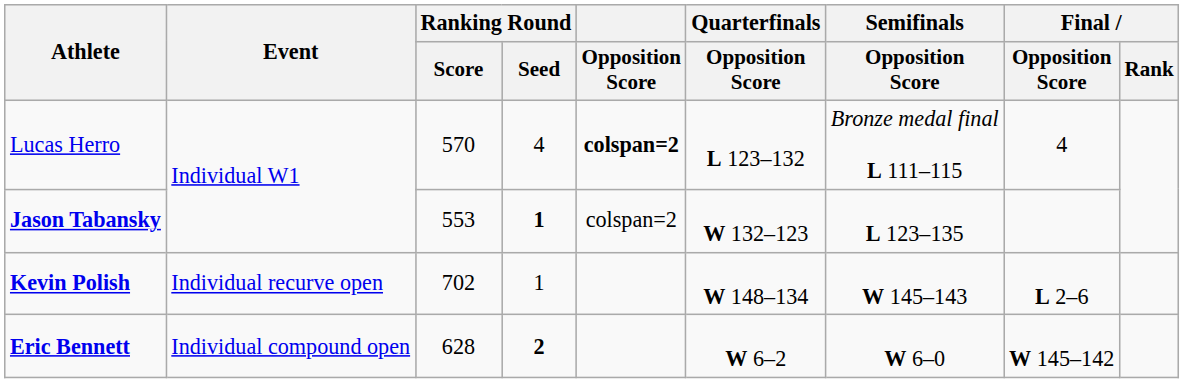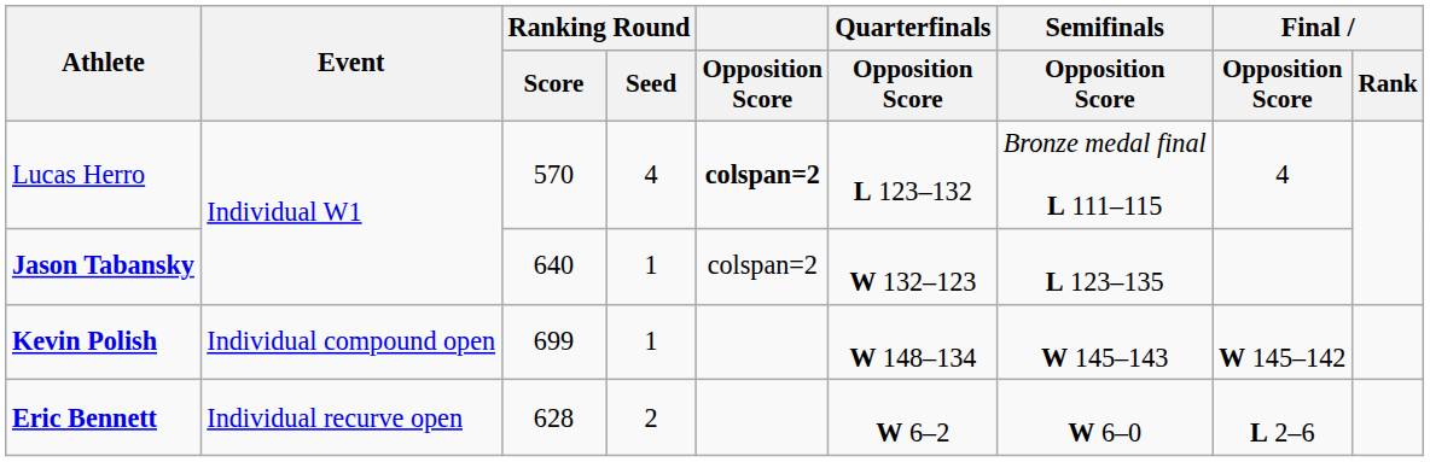 <table class=wikitable style=font-size:90%;text-align:center>
 <tr>
 <th rowspan=2>Athlete</th>
 <th rowspan=2>Event</th>
 <th colspan=2>Ranking Round</th>
 <th></th>
 <th>Quarterfinals</th>
 <th>Semifinals</th>
 <th colspan=2>Final / </th>
 </tr>
 <tr style=font-size:95%>
 <th>Score</th>
 <th>Seed</th>
 <th>Opposition<br>Score</th>
 <th>Opposition<br>Score</th>
 <th>Opposition<br>Score</th>
 <th>Opposition<br>Score</th>
 <th>Rank</th>
 </tr>
 <tr>
 <td align="left"><a href='#'>Lucas Herro</a></td>
 <td rowspan="2" align="left"><a href='#'>Individual W1</a></td>
 <td>570</td>
 <td>4</td>
 <td><strong>colspan=2 </strong></td>
 <td><br><strong>L</strong> 123–132</td>
 <td><em>Bronze medal final</em><br><br><strong>L</strong> 111–115</td>
 <td>4</td>
 </tr>
 <tr>
 <td align="left"><strong><a href='#'>Jason Tabansky</a></strong></td>
-<td>553</td>
-<td><strong>1</strong></td>
+<td>640</td>
+<td>1</td>
 <td>colspan=2 </td>
 <td><br><strong>W</strong> 132–123</td>
 <td><br><strong>L</strong> 123–135</td>
 <td></td>
 </tr>
 <tr>
 <td align="left"><strong><a href='#'>Kevin Polish</a></strong></td>
-<td align="left"><a href='#'>Individual recurve open</a></td>
-<td>702</td>
+<td align="left"><a href='#'>Individual compound open</a></td>
+<td>699</td>
 <td>1</td>
 <td></td>
 <td><br><strong>W</strong> 148–134</td>
 <td><br><strong>W</strong> 145–143</td>
-<td><br><strong>L</strong> 2–6</td>
+<td><br><strong>W</strong> 145–142</td>
 <td></td>
 </tr>
 <tr>
 <td align="left"><strong><a href='#'>Eric Bennett</a></strong></td>
-<td align="left"><a href='#'>Individual compound open</a></td>
+<td align="left"><a href='#'>Individual recurve open</a></td>
 <td>628</td>
-<td><strong>2</strong></td>
+<td>2</td>
 <td></td>
 <td><br><strong>W</strong> 6–2</td>
 <td><br><strong>W</strong> 6–0</td>
-<td><br><strong>W</strong> 145–142</td>
+<td><br><strong>L</strong> 2–6</td>
 <td></td>
 </tr>
 </table>
